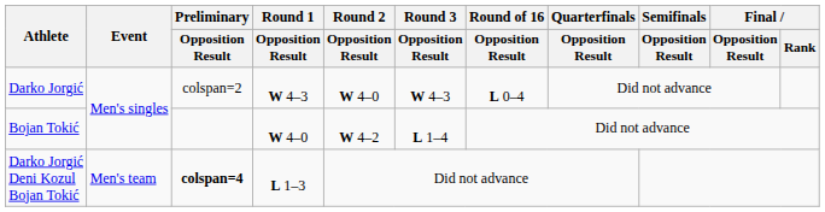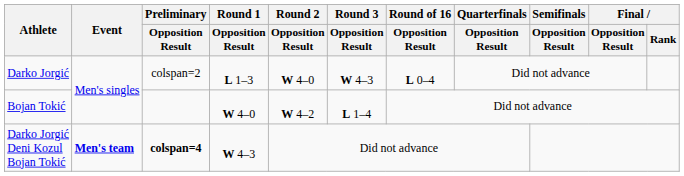 <table class="wikitable" style="font-size:90%;">
 <tr>
 <th rowspan=2>Athlete</th>
 <th rowspan=2>Event</th>
 <th>Preliminary</th>
 <th>Round 1</th>
 <th>Round 2</th>
 <th>Round 3</th>
 <th>Round of 16</th>
 <th>Quarterfinals</th>
 <th>Semifinals</th>
 <th colspan=2>Final / </th>
 </tr>
 <tr style="font-size:95%">
 <th>Opposition<br>Result</th>
 <th>Opposition<br>Result</th>
 <th>Opposition<br>Result</th>
 <th>Opposition<br>Result</th>
 <th>Opposition<br>Result</th>
 <th>Opposition<br>Result</th>
 <th>Opposition<br>Result</th>
 <th>Opposition<br>Result</th>
 <th>Rank</th>
 </tr>
 <tr align=center>
 <td align=left><a href='#'>Darko Jorgić</a></td>
 <td align=left rowspan=2><a href='#'>Men's singles</a></td>
 <td>colspan=2 </td>
-<td><br><strong>W</strong> 4–3</td>
+<td><br><strong>L</strong> 1–3</td>
 <td><br><strong>W</strong> 4–0</td>
 <td><br><strong>W</strong> 4–3</td>
 <td><br><strong>L</strong> 0–4</td>
 <td colspan="3">Did not advance</td>
 </tr>
 <tr align=center>
 <td align=left><a href='#'>Bojan Tokić</a></td>
 <td></td>
 <td><br><strong>W</strong> 4–0</td>
 <td><br><strong>W</strong> 4–2</td>
 <td><br><strong>L</strong> 1–4</td>
 <td colspan="5">Did not advance</td>
 </tr>
 <tr align=center>
 <td align=left><a href='#'>Darko Jorgić</a><br><a href='#'>Deni Kozul</a><br><a href='#'>Bojan Tokić</a></td>
-<td align=left><a href='#'>Men's team</a></td>
+<td align=left><strong><a href='#'>Men's team</a></strong></td>
 <td><strong>colspan=4 </strong></td>
-<td><br><strong>L</strong> 1–3</td>
+<td><br><strong>W</strong> 4–3</td>
 <td colspan="4">Did not advance</td>
 </tr>
 </table>
